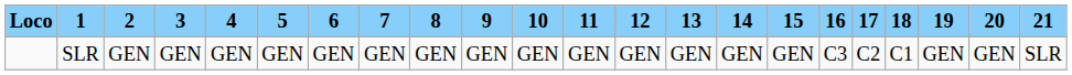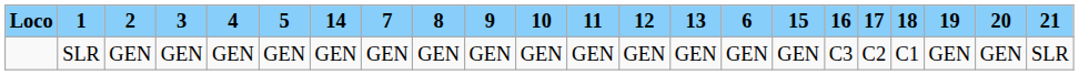 <table class="wikitable plainrowheaders unsortable" style="text-align:center">
 <tr>
 <th scope="col" rowspan="1" style="background:lightskyblue;">Loco</th>
 <th scope="col" rowspan="1" style="background:lightskyblue;">1</th>
 <th scope="col" rowspan="1" style="background:lightskyblue;">2</th>
 <th scope="col" rowspan="1" style="background:lightskyblue;">3</th>
 <th scope="col" rowspan="1" style="background:lightskyblue;">4</th>
 <th scope="col" rowspan="1" style="background:lightskyblue;">5</th>
-<th scope="col" rowspan="1" style="background:lightskyblue;">6</th>
+<th scope="col" rowspan="1" style="background:lightskyblue;">14</th>
 <th scope="col" rowspan="1" style="background:lightskyblue;">7</th>
 <th scope="col" rowspan="1" style="background:lightskyblue;">8</th>
 <th scope="col" rowspan="1" style="background:lightskyblue;">9</th>
 <th scope="col" rowspan="1" style="background:lightskyblue;">10</th>
 <th scope="col" rowspan="1" style="background:lightskyblue;">11</th>
 <th scope="col" rowspan="1" style="background:lightskyblue;">12</th>
 <th scope="col" rowspan="1" style="background:lightskyblue;">13</th>
-<th scope="col" rowspan="1" style="background:lightskyblue;">14</th>
+<th scope="col" rowspan="1" style="background:lightskyblue;">6</th>
 <th scope="col" rowspan="1" style="background:lightskyblue;">15</th>
 <th scope="col" rowspan="1" style="background:lightskyblue;">16</th>
 <th scope="col" rowspan="1" style="background:lightskyblue;">17</th>
 <th scope="col" rowspan="1" style="background:lightskyblue;">18</th>
 <th scope="col" rowspan="1" style="background:lightskyblue;">19</th>
 <th scope="col" rowspan="1" style="background:lightskyblue;">20</th>
 <th scope="col" rowspan="1" style="background:lightskyblue;">21</th>
 </tr>
 <tr>
 <td></td>
 <td>SLR</td>
 <td>GEN</td>
 <td>GEN</td>
 <td>GEN</td>
 <td>GEN</td>
 <td>GEN</td>
 <td>GEN</td>
 <td>GEN</td>
 <td>GEN</td>
 <td>GEN</td>
 <td>GEN</td>
 <td>GEN</td>
 <td>GEN</td>
 <td>GEN</td>
 <td>GEN</td>
 <td>C3</td>
 <td>C2</td>
 <td>C1</td>
 <td>GEN</td>
 <td>GEN</td>
 <td>SLR</td>
 </tr>
 </table>
